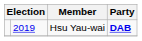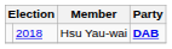 <table class="wikitable">
 <tr>
 <th colspan="2">Election</th>
 <th>Member</th>
 <th>Party</th>
 </tr>
 <tr>
 <td style="color:inherit;background:"></td>
-<td><a href='#'>2019</a></td>
+<td><a href='#'>2018</a></td>
 <td>Hsu Yau-wai</td>
 <td><strong><a href='#'>DAB</a></strong></td>
 </tr>
 <tr>
 </tr>
 </table>
